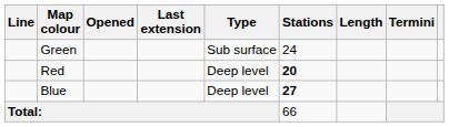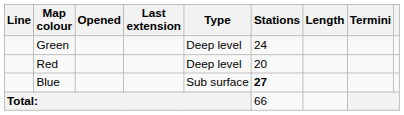 <table class="sortable wikitable">
 <tr>
 <th>Line </th>
 <th class="unsortable">Map<br>colour</th>
 <th>Opened</th>
 <th>Last<br>extension</th>
 <th>Type</th>
 <th>Stations</th>
 <th>Length</th>
 <th class="unsortable">Termini</th>
 <th class="unsortable"></th>
 </tr>
 <tr>
 <td></td>
 <td style="background:#">Green</td>
 <td></td>
 <td></td>
-<td>Sub surface</td>
+<td>Deep level</td>
 <td>24</td>
 <td></td>
 <td></td>
 <td></td>
 </tr>
 <tr>
 <td></td>
 <td style="background:#">Red</td>
 <td></td>
 <td></td>
 <td>Deep level</td>
-<td><strong>20</strong></td>
+<td>20</td>
 <td></td>
 <td></td>
 <td></td>
 </tr>
 <tr>
 <td></td>
 <td style="background:#">Blue</td>
 <td></td>
 <td></td>
-<td>Deep level</td>
+<td>Sub surface</td>
 <td><strong>27</strong></td>
 <td></td>
 <td></td>
 <td></td>
 </tr>
 <tr class="sortbottom">
 <th colspan="5" style="text-align:left">Total:</th>
 <td>66</td>
 <td></td>
 <th colspan="2"></th>
 </tr>
 </table>
